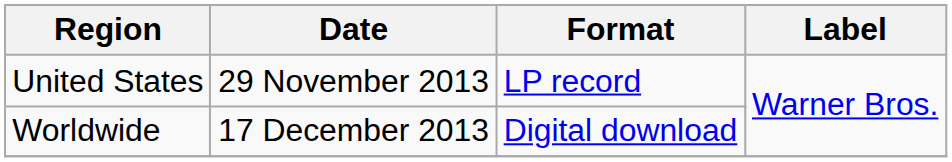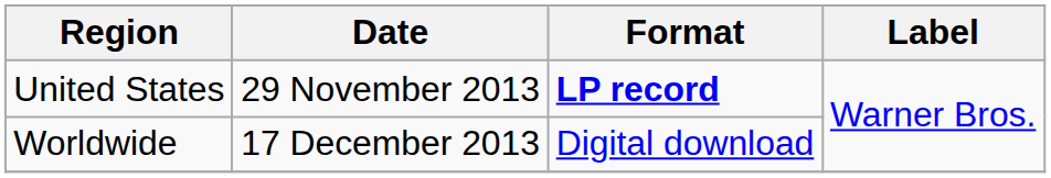 <table class="wikitable plainrowheaders">
 <tr>
 <th scope="col">Region</th>
 <th scope="col">Date</th>
 <th scope="col">Format</th>
 <th scope="col">Label</th>
 </tr>
 <tr>
 <td rowspan=2>United States</td>
 <td>29 November 2013</td>
-<td><a href='#'>LP record</a></td>
+<td><strong><a href='#'>LP record</a></strong></td>
 <td rowspan=3><a href='#'>Warner Bros.</a></td>
 </tr>
 <tr>
 <td rowspan=2>17 December 2013</td>
 <td rowspan=2><a href='#'>Digital download</a></td>
 </tr>
 <tr>
 <td>Worldwide</td>
 </tr>
 <tr>
 </tr>
 </table>
